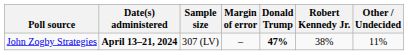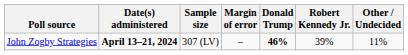 <table class="wikitable sortable mw-datatable" style="font-size:90%;text-align:center;line-height:17px">
 <tr valign=bottom>
 <th>Poll source</th>
 <th>Date(s)<br>administered</th>
 <th>Sample<br>size</th>
 <th>Margin<br>of error</th>
 <th class="unsortable">Donald<br>Trump<br></th>
 <th class="unsortable">Robert<br>Kennedy Jr.<br></th>
 <th class="unsortable">Other /<br>Undecided</th>
 </tr>
 <tr>
 <td style="text-align:left;"><a href='#'>John Zogby Strategies</a></td>
 <td data-sort-value="2024-05-01"><strong>April 13–21, 2024</strong></td>
 <td>307 (LV)</td>
 <td>–</td>
-<td style="background-color:"><strong>47%</strong></td>
-<td>38%</td>
+<td style="background-color:"><strong>46%</strong></td>
+<td>39%</td>
 <td>11%</td>
 </tr>
 </table>
